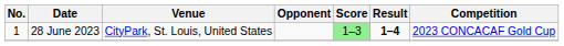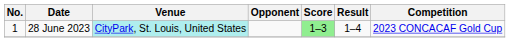 <table class="wikitable sortable">
 <tr>
 <th scope="col">No.</th>
 <th scope="col">Date</th>
 <th scope="col">Venue</th>
 <th scope="col">Opponent</th>
 <th scope="col">Score</th>
 <th scope="col">Result</th>
 <th scope="col">Competition</th>
 </tr>
 <tr>
 <td align="center">1</td>
 <td>28 June 2023</td>
-<td><a href='#'>CityPark</a>, St. Louis, United States</td>
+<td style="background: paleturquoise;"><a href='#'>CityPark</a>, St. Louis, United States</td>
 <td></td>
 <td align="center" style="background: lightgreen;">1–3</td>
-<td align="center"><strong>1–4</strong></td>
+<td align="center">1–4</td>
 <td><a href='#'>2023 CONCACAF Gold Cup</a></td>
 </tr>
 <tr>
 </tr>
 </table>
